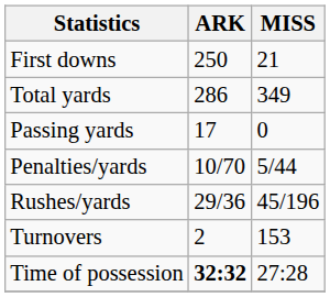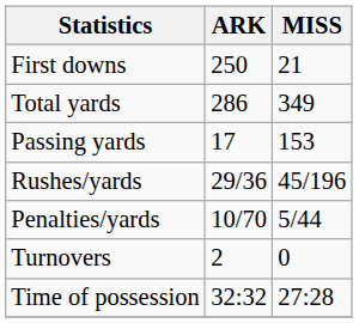 <table class="wikitable" style="float: left;">
 <tr>
 <th>Statistics</th>
 <th>ARK</th>
 <th>MISS</th>
 </tr>
 <tr>
 <td>First downs</td>
 <td>250</td>
 <td>21</td>
 </tr>
 <tr>
 <td>Total yards</td>
 <td>286</td>
 <td>349</td>
 </tr>
 <tr>
 <td>Passing yards</td>
 <td>17</td>
-<td>0</td>
+<td>153</td>
+</tr>
+<tr>
+<td>Rushes/yards</td>
+<td>29/36</td>
+<td>45/196</td>
 </tr>
 <tr>
 <td>Penalties/yards</td>
 <td>10/70</td>
 <td>5/44</td>
 </tr>
 <tr>
-<td>Rushes/yards</td>
-<td>29/36</td>
-<td>45/196</td>
-</tr>
-<tr>
 <td>Turnovers</td>
 <td>2</td>
-<td>153</td>
+<td>0</td>
 </tr>
 <tr>
 <td>Time of possession</td>
-<td><strong>32:32</strong></td>
+<td>32:32</td>
 <td>27:28</td>
 </tr>
 <tr>
 </tr>
 </table>
